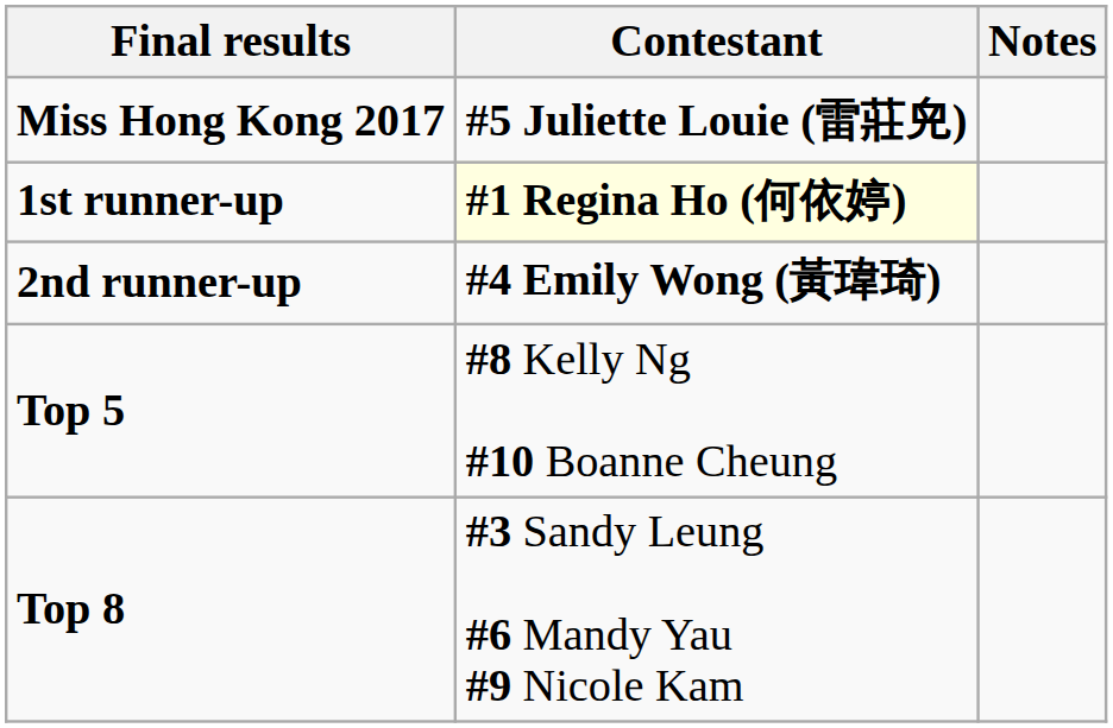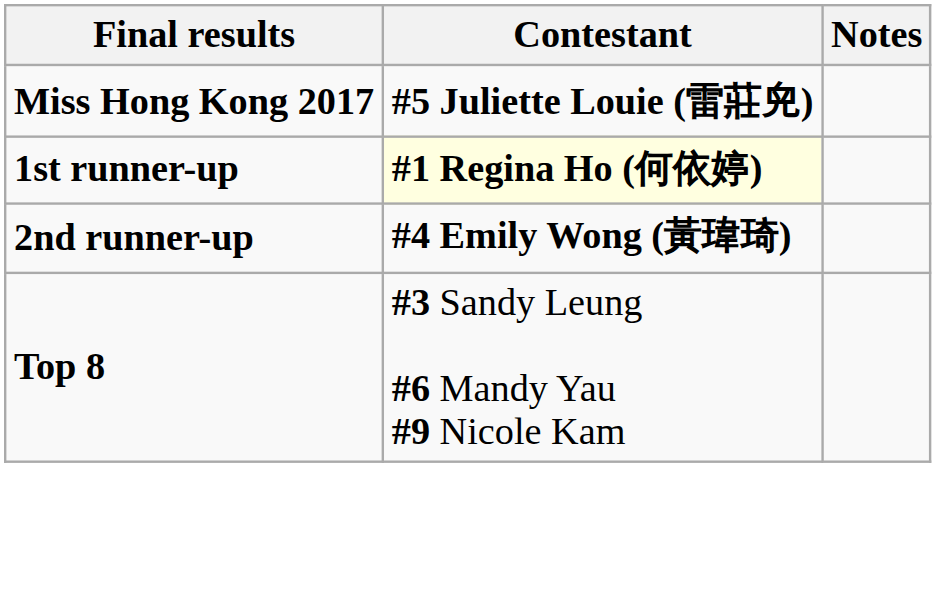 <table class="wikitable">
 <tr>
 <th>Final results</th>
 <th>Contestant</th>
 <th>Notes</th>
 </tr>
 <tr>
 <td><strong>Miss Hong Kong 2017</strong></td>
 <td><strong>#5</strong> <strong>Juliette Louie (雷莊𠒇)</strong></td>
 <td></td>
 </tr>
 <tr>
 <td><strong>1st runner-up</strong></td>
 <td style="background: lightyellow;"><strong>#1</strong> <strong>Regina Ho (何依婷)</strong></td>
 <td></td>
 </tr>
 <tr>
 <td><strong>2nd runner-up</strong></td>
 <td><strong>#4</strong> <strong>Emily Wong (黃瑋琦)</strong></td>
 <td></td>
 </tr>
 <tr>
-<td><strong>Top 5</strong></td>
-<td><strong>#8</strong> Kelly Ng <br><br><strong>#10</strong> Boanne Cheung</td>
-<td></td>
-</tr>
-<tr>
 <td><strong>Top 8</strong></td>
 <td><strong>#3</strong> Sandy Leung<br><br><strong>#6</strong> Mandy Yau<br> <strong>#9</strong> Nicole Kam<br></td>
 <td></td>
 </tr>
 </table>
